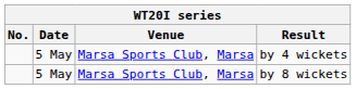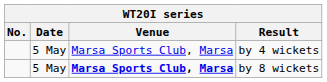 <table class="wikitable">
 <tr>
 <th colspan="5">WT20I series</th>
 </tr>
 <tr>
 <th>No.</th>
 <th>Date</th>
 <th>Venue</th>
 <th>Result</th>
 </tr>
 <tr>
 <td></td>
 <td>5 May</td>
 <td><a href='#'>Marsa Sports Club</a>, <a href='#'>Marsa</a></td>
 <td> by 4 wickets</td>
 </tr>
 <tr>
 <td></td>
 <td>5 May</td>
-<td><a href='#'>Marsa Sports Club</a>, <a href='#'>Marsa</a></td>
+<td><strong><a href='#'>Marsa Sports Club</a>, <a href='#'>Marsa</a></strong></td>
 <td> by 8 wickets</td>
 </tr>
 </table>
